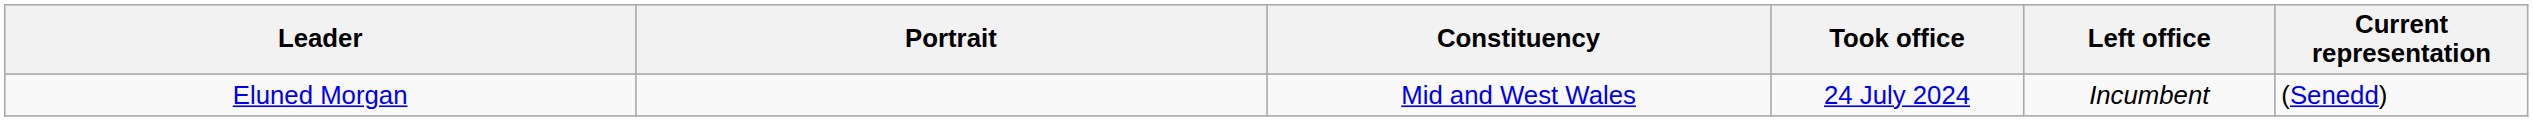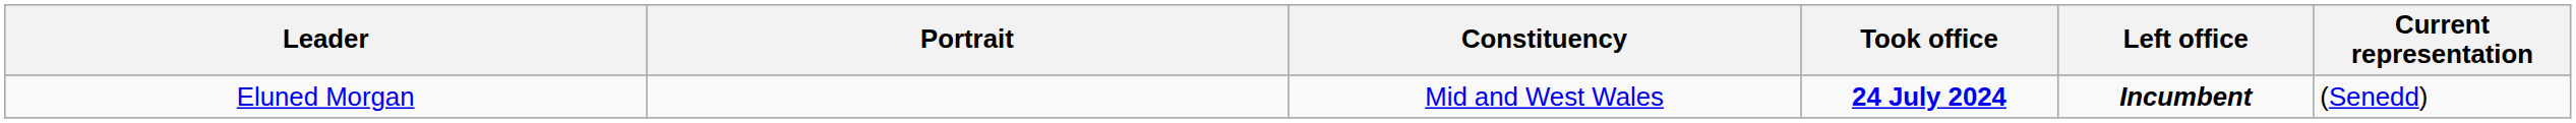 <table class="wikitable" style="text-align:center">
 <tr>
 <th style="width:25%;">Leader<br></th>
 <th width=60>Portrait</th>
 <th style="width:20%;">Constituency</th>
 <th style="width:10%;">Took office</th>
 <th style="width:10%;">Left office</th>
 <th style="width:10%;">Current representation</th>
 </tr>
 <tr>
 <td rowspan=2><a href='#'>Eluned Morgan</a><br></td>
 <td rowspan=2></td>
 <td rowspan=2><a href='#'>Mid and West Wales</a> </td>
-<td><a href='#'>24 July 2024</a></td>
-<td><em>Incumbent</em></td>
+<td><strong><a href='#'>24 July 2024</a></strong></td>
+<td><strong><em>Incumbent</em></strong></td>
 <td rowspan=2 align=left> (<a href='#'>Senedd</a>)</td>
 </tr>
 </table>
